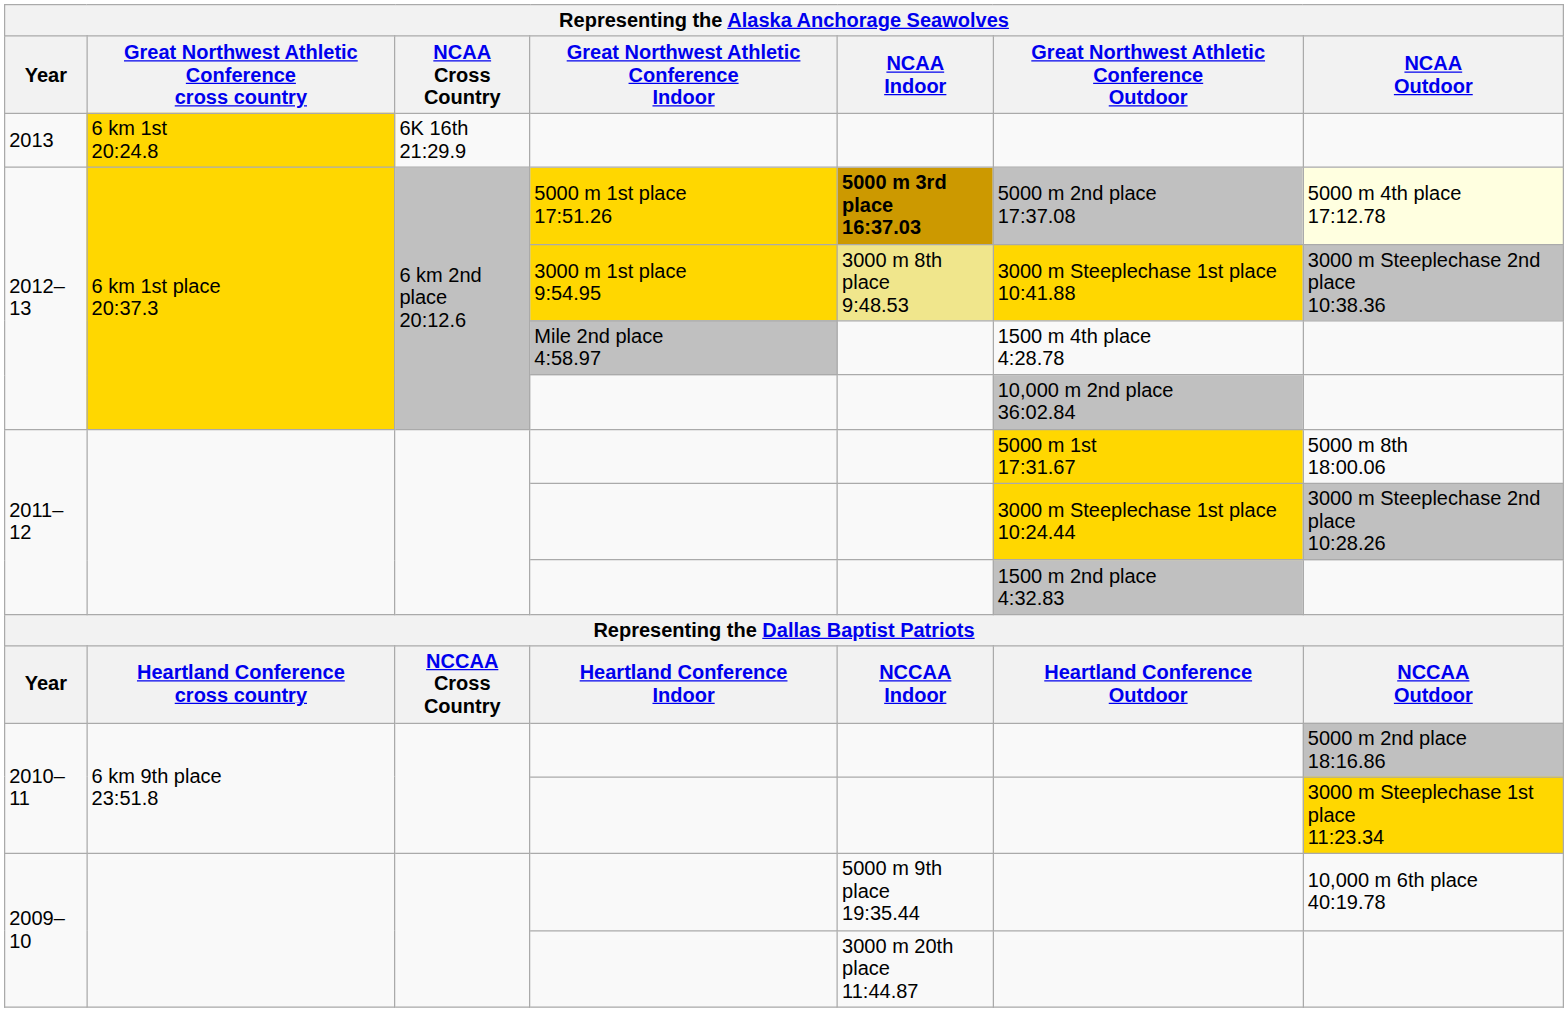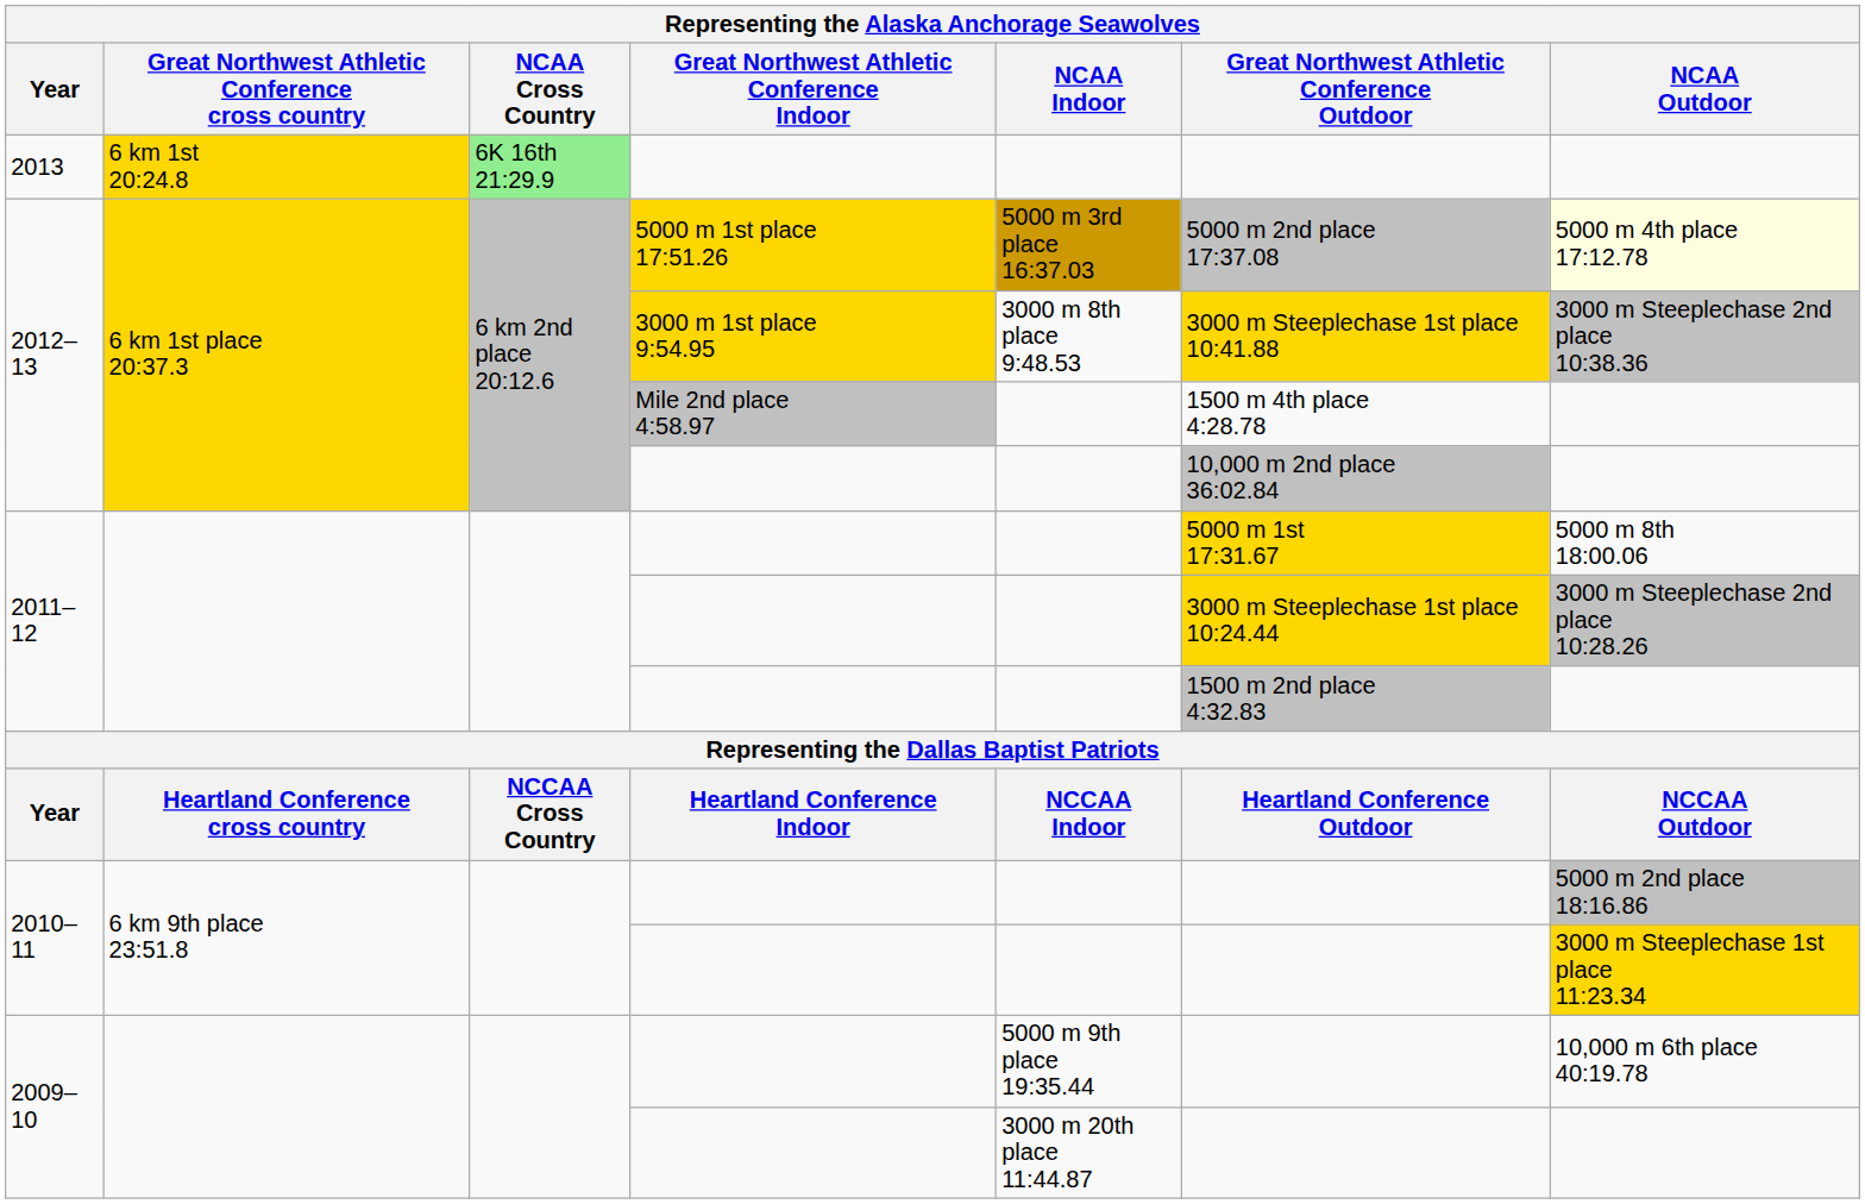 <table class="wikitable sortable">
 <tr>
 <th colspan="9">Representing the <a href='#'>Alaska Anchorage Seawolves</a></th>
 </tr>
 <tr>
 <th>Year</th>
 <th><a href='#'>Great Northwest Athletic Conference</a><br> <a href='#'>cross country</a></th>
 <th><a href='#'>NCAA</a><br> Cross Country</th>
 <th><a href='#'>Great Northwest Athletic Conference</a><br> <a href='#'>Indoor</a></th>
 <th><a href='#'>NCAA</a><br> <a href='#'>Indoor</a></th>
 <th><a href='#'>Great Northwest Athletic Conference</a><br> <a href='#'>Outdoor</a></th>
 <th><a href='#'>NCAA</a><br> <a href='#'>Outdoor</a></th>
 </tr>
 <tr>
 <td>2013</td>
 <td bgcolor=gold>6 km 1st<br>20:24.8</td>
-<td>6K 16th<br>21:29.9</td>
+<td style="background: lightgreen;">6K 16th<br>21:29.9</td>
 <td></td>
 <td></td>
 <td></td>
 <td></td>
 </tr>
 <tr>
 <td rowspan=4>2012–13</td>
 <td rowspan=4 bgcolor=gold>6 km 1st place<br>20:37.3</td>
 <td rowspan=4 bgcolor=silver>6 km 2nd place<br>20:12.6</td>
 <td bgcolor=gold>5000 m 1st place <br>  17:51.26</td>
-<td bgcolor=cc9900><strong>5000 m 3rd place <br> 16:37.03</strong></td>
+<td bgcolor=cc9900>5000 m 3rd place <br> 16:37.03</td>
 <td bgcolor=silver>5000 m 2nd place<br> 17:37.08</td>
 <td style="background: lightyellow;">5000 m 4th place<br>17:12.78</td>
 </tr>
 <tr>
 <td bgcolor=gold>3000 m 1st place<br>9:54.95</td>
-<td style="background: khaki;">3000 m 8th place<br>9:48.53</td>
+<td>3000 m 8th place<br>9:48.53</td>
 <td bgcolor=gold>3000 m Steeplechase 1st place<br>10:41.88</td>
 <td bgcolor=silver>3000 m Steeplechase 2nd place <br>10:38.36</td>
 </tr>
 <tr>
 <td bgcolor=silver>Mile 2nd place<br>4:58.97</td>
 <td></td>
 <td>1500 m 4th place<br>4:28.78</td>
 <td></td>
 </tr>
 <tr>
 <td></td>
 <td></td>
 <td bgcolor=silver>10,000 m 2nd place<br>36:02.84</td>
 <td></td>
 </tr>
 <tr>
 <td rowspan=3>2011–12</td>
 <td rowspan=3></td>
 <td rowspan=3></td>
 <td></td>
 <td></td>
 <td bgcolor=gold>5000 m 1st<br>17:31.67</td>
 <td>5000 m 8th<br>18:00.06</td>
 </tr>
 <tr>
 <td></td>
 <td></td>
 <td bgcolor=gold>3000 m Steeplechase 1st place<br>10:24.44</td>
 <td bgcolor=silver>3000 m Steeplechase 2nd place <br>10:28.26</td>
 </tr>
 <tr>
 <td></td>
 <td></td>
 <td bgcolor=silver>1500 m 2nd place<br>4:32.83</td>
 <td></td>
 </tr>
 <tr>
 <th colspan="9">Representing the <a href='#'>Dallas Baptist Patriots</a></th>
 </tr>
 <tr>
 <th>Year</th>
 <th><a href='#'>Heartland Conference</a><br> <a href='#'>cross country</a></th>
 <th><a href='#'>NCCAA</a><br> Cross Country</th>
 <th><a href='#'>Heartland Conference</a><br> <a href='#'>Indoor</a></th>
 <th><a href='#'>NCCAA</a><br> <a href='#'>Indoor</a></th>
 <th><a href='#'>Heartland Conference</a><br> <a href='#'>Outdoor</a></th>
 <th><a href='#'>NCCAA</a><br> <a href='#'>Outdoor</a></th>
 </tr>
 <tr>
 <td rowspan=2>2010–11</td>
 <td rowspan=2>6 km 9th place<br>23:51.8</td>
 <td rowspan=2></td>
 <td></td>
 <td></td>
 <td></td>
 <td bgcolor=silver>5000 m 2nd place<br>18:16.86</td>
 </tr>
 <tr>
 <td></td>
 <td></td>
 <td></td>
 <td bgcolor=gold>3000 m Steeplechase 1st place <br>11:23.34</td>
 </tr>
 <tr>
 <td rowspan=2>2009–10</td>
 <td rowspan=2></td>
 <td rowspan=2></td>
 <td></td>
 <td>5000 m 9th place<br>19:35.44</td>
 <td></td>
 <td>10,000 m 6th place<br>40:19.78</td>
 </tr>
 <tr>
 <td></td>
 <td>3000 m 20th place<br>11:44.87</td>
 <td></td>
 <td></td>
 </tr>
 </table>
